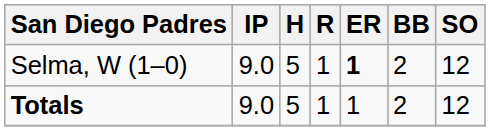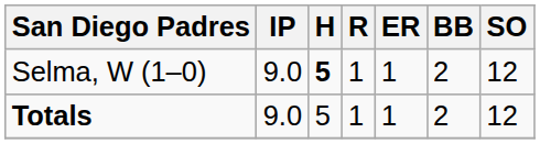 <table class="wikitable sortable">
 <tr>
 <th><strong>San Diego Padres</strong></th>
 <th>IP</th>
 <th>H</th>
 <th>R</th>
 <th>ER</th>
 <th>BB</th>
 <th>SO</th>
 </tr>
 <tr>
 <td>Selma, W (1–0)</td>
 <td>9.0</td>
-<td>5</td>
+<td><strong>5</strong></td>
 <td>1</td>
-<td><strong>1</strong></td>
+<td>1</td>
 <td>2</td>
 <td>12</td>
 </tr>
 <tr>
 <td><strong>Totals</strong></td>
 <td>9.0</td>
 <td>5</td>
 <td>1</td>
 <td>1</td>
 <td>2</td>
 <td>12</td>
 </tr>
 <tr>
 </tr>
 </table>
